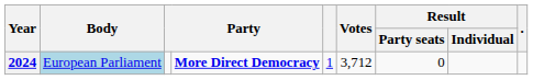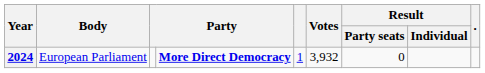 <table class="wikitable plainrowheaders sortable" border=2 cellpadding=4 cellspacing=0 style="border: 1px #aaa solid; font-size: 90%; text-align:center;">
 <tr>
 <th scope="col" rowspan=2>Year</th>
 <th scope="col" rowspan=2>Body</th>
 <th scope="col" colspan=2 rowspan=2>Party</th>
 <th scope="col" rowspan=2></th>
 <th scope="col" rowspan=2>Votes</th>
 <th scope="colgroup" colspan=2>Result</th>
 <th scope="col" rowspan=2>.</th>
 </tr>
 <tr>
 <th scope="col">Party seats</th>
 <th scope="col">Individual</th>
 </tr>
 <tr>
 <th scope="row"><a href='#'>2024</a></th>
-<td style="background: lightblue;"><a href='#'>European Parliament</a></td>
+<td><a href='#'>European Parliament</a></td>
 <td style="background-color:"></td>
 <td><strong><a href='#'>More Direct Democracy</a></strong></td>
 <td style=text-align:right><a href='#'>1</a></td>
-<td style=text-align:right>3,712</td>
+<td style=text-align:right>3,932</td>
 <td style=text-align:right>0</td>
 <td></td>
 <td></td>
 </tr>
 </table>
